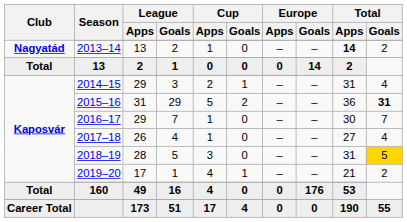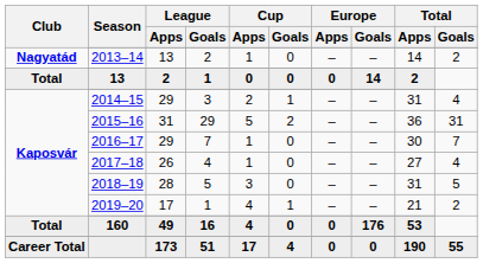 <table class="wikitable" style="font-size:90%; text-align: center;">
 <tr>
 <th rowspan="2">Club</th>
 <th rowspan="2">Season</th>
 <th colspan="2">League</th>
 <th colspan="2">Cup</th>
 <th colspan="2">Europe</th>
 <th colspan="2">Total</th>
 </tr>
 <tr>
 <th>Apps</th>
 <th>Goals</th>
 <th>Apps</th>
 <th>Goals</th>
 <th>Apps</th>
 <th>Goals</th>
 <th>Apps</th>
 <th>Goals</th>
 </tr>
 <tr ||-||-||-|->
 <td rowspan="3" valign="center"><strong><a href='#'>Nagyatád</a></strong></td>
 </tr>
 <tr>
 <td><a href='#'>2013–14</a></td>
 <td>13</td>
 <td>2</td>
 <td>1</td>
 <td>0</td>
 <td>–</td>
 <td>–</td>
-<td><strong>14</strong></td>
+<td>14</td>
 <td>2</td>
 </tr>
 <tr>
 </tr>
 <tr style="font-weight:bold; background-color:#eeeeee;">
 <td>Total</td>
 <td>13</td>
 <td>2</td>
 <td>1</td>
 <td>0</td>
 <td>0</td>
 <td>0</td>
 <td>14</td>
 <td>2</td>
 </tr>
 <tr>
 <td rowspan="8" valign="center"><strong><a href='#'>Kaposvár</a></strong></td>
 </tr>
 <tr>
 <td><a href='#'>2014–15</a></td>
 <td>29</td>
 <td>3</td>
 <td>2</td>
 <td>1</td>
 <td>–</td>
 <td>–</td>
 <td>31</td>
 <td>4</td>
 </tr>
 <tr>
 <td><a href='#'>2015–16</a></td>
 <td>31</td>
 <td>29</td>
 <td>5</td>
 <td>2</td>
 <td>–</td>
 <td>–</td>
 <td>36</td>
-<td><strong>31</strong></td>
+<td>31</td>
 </tr>
 <tr>
 <td><a href='#'>2016–17</a></td>
 <td>29</td>
 <td>7</td>
 <td>1</td>
 <td>0</td>
 <td>–</td>
 <td>–</td>
 <td>30</td>
 <td>7</td>
 </tr>
 <tr>
 <td><a href='#'>2017–18</a></td>
 <td>26</td>
 <td>4</td>
 <td>1</td>
 <td>0</td>
 <td>–</td>
 <td>–</td>
 <td>27</td>
 <td>4</td>
 </tr>
 <tr>
 <td><a href='#'>2018–19</a></td>
 <td>28</td>
 <td>5</td>
 <td>3</td>
 <td>0</td>
 <td>–</td>
 <td>–</td>
 <td>31</td>
-<td style="background: gold;">5</td>
+<td>5</td>
 </tr>
 <tr>
 <td><a href='#'>2019–20</a></td>
 <td>17</td>
 <td>1</td>
 <td>4</td>
 <td>1</td>
 <td>–</td>
 <td>–</td>
 <td>21</td>
 <td>2</td>
 </tr>
 <tr>
 </tr>
 <tr style="font-weight:bold; background-color:#eeeeee;">
 <td>Total</td>
 <td>160</td>
 <td>49</td>
 <td>16</td>
 <td>4</td>
 <td>0</td>
 <td>0</td>
 <td>176</td>
 <td>53</td>
 </tr>
 <tr>
 </tr>
 <tr style="font-weight:bold; background-color:#eeeeee;">
 <td rowspan="2" valign="top"><strong>Career Total</strong></td>
 <td></td>
 <td><strong>173</strong></td>
 <td><strong>51</strong></td>
 <td><strong>17</strong></td>
 <td><strong>4</strong></td>
 <td><strong>0</strong></td>
 <td><strong>0</strong></td>
 <td><strong>190</strong></td>
 <td><strong>55</strong></td>
 </tr>
 </table>
